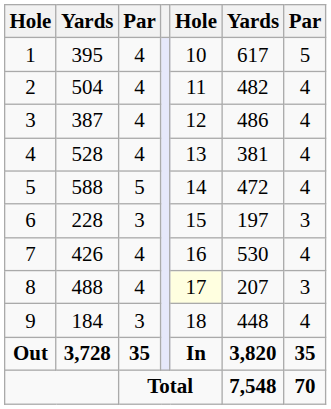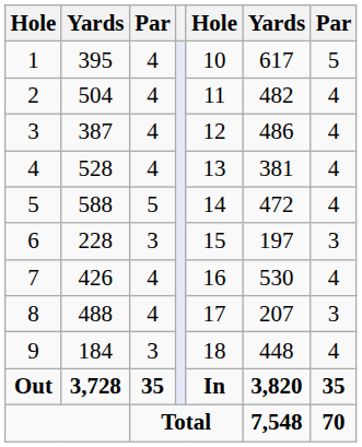 <table class="wikitable" style="text-align:center; font-size:100%;">
 <tr>
 <th>Hole</th>
 <th>Yards</th>
 <th>Par</th>
 <th></th>
 <th>Hole</th>
 <th>Yards</th>
 <th>Par</th>
 </tr>
 <tr>
 <td>1</td>
 <td>395</td>
 <td>4</td>
 <td rowspan=10 style="background:#E6E8FA;"></td>
 <td>10</td>
 <td>617</td>
 <td>5</td>
 </tr>
 <tr>
 <td>2</td>
 <td>504</td>
 <td>4</td>
 <td>11</td>
 <td>482</td>
 <td>4</td>
 </tr>
 <tr>
 <td>3</td>
 <td>387</td>
 <td>4</td>
 <td>12</td>
 <td>486</td>
 <td>4</td>
 </tr>
 <tr>
 <td>4</td>
 <td>528</td>
 <td>4</td>
 <td>13</td>
 <td>381</td>
 <td>4</td>
 </tr>
 <tr>
 <td>5</td>
 <td>588</td>
 <td>5</td>
 <td>14</td>
 <td>472</td>
 <td>4</td>
 </tr>
 <tr>
 <td>6</td>
 <td>228</td>
 <td>3</td>
 <td>15</td>
 <td>197</td>
 <td>3</td>
 </tr>
 <tr>
 <td>7</td>
 <td>426</td>
 <td>4</td>
 <td>16</td>
 <td>530</td>
 <td>4</td>
 </tr>
 <tr>
 <td>8</td>
 <td>488</td>
 <td>4</td>
-<td style="background: lightyellow;">17</td>
+<td>17</td>
 <td>207</td>
 <td>3</td>
 </tr>
 <tr>
 <td>9</td>
 <td>184</td>
 <td>3</td>
 <td>18</td>
 <td>448</td>
 <td>4</td>
 </tr>
 <tr>
 <td><strong>Out</strong></td>
 <td><strong>3,728</strong></td>
 <td><strong>35</strong></td>
 <td><strong>In</strong></td>
 <td><strong>3,820</strong></td>
 <td><strong>35</strong></td>
 </tr>
 <tr>
 <td colspan=2 align=left></td>
 <td colspan=3><strong>Total</strong></td>
 <td><strong>7,548</strong></td>
 <td><strong>70</strong></td>
 </tr>
 </table>
